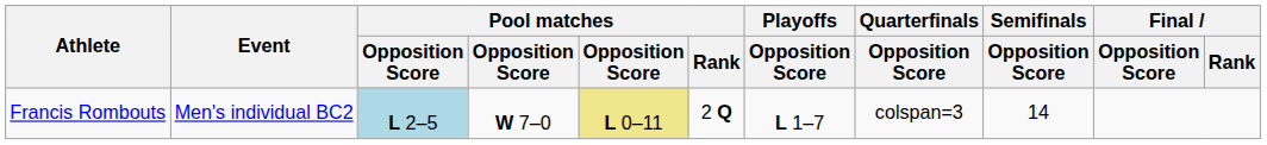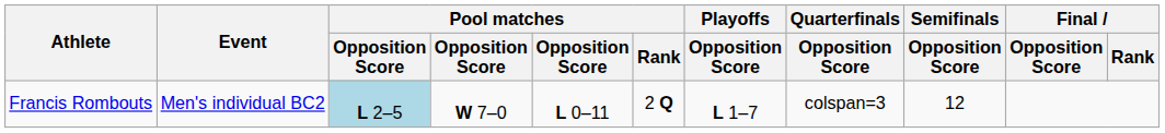 <table class=wikitable style="font-size:90%">
 <tr>
 <th rowspan="2">Athlete</th>
 <th rowspan="2">Event</th>
 <th colspan="4">Pool matches</th>
 <th>Playoffs</th>
 <th>Quarterfinals</th>
 <th>Semifinals</th>
 <th colspan=2>Final / </th>
 </tr>
 <tr>
 <th>Opposition<br>Score</th>
 <th>Opposition<br>Score</th>
 <th>Opposition<br>Score</th>
 <th>Rank</th>
 <th>Opposition<br>Score</th>
 <th>Opposition<br>Score</th>
 <th>Opposition<br>Score</th>
 <th>Opposition<br>Score</th>
 <th>Rank</th>
 </tr>
 <tr align=center>
 <td align=left rowspan=3><a href='#'>Francis Rombouts</a></td>
 <td align=left rowspan=3><a href='#'>Men's individual BC2</a></td>
 <td style="background: lightblue;"><br><strong>L</strong> 2–5</td>
 <td><br><strong>W</strong> 7–0</td>
-<td style="background: khaki;"><br><strong>L</strong> 0–11</td>
+<td><br><strong>L</strong> 0–11</td>
 <td>2 <strong>Q</strong></td>
 <td><br><strong>L</strong> 1–7</td>
 <td>colspan=3 </td>
-<td>14</td>
+<td>12</td>
 </tr>
 </table>
